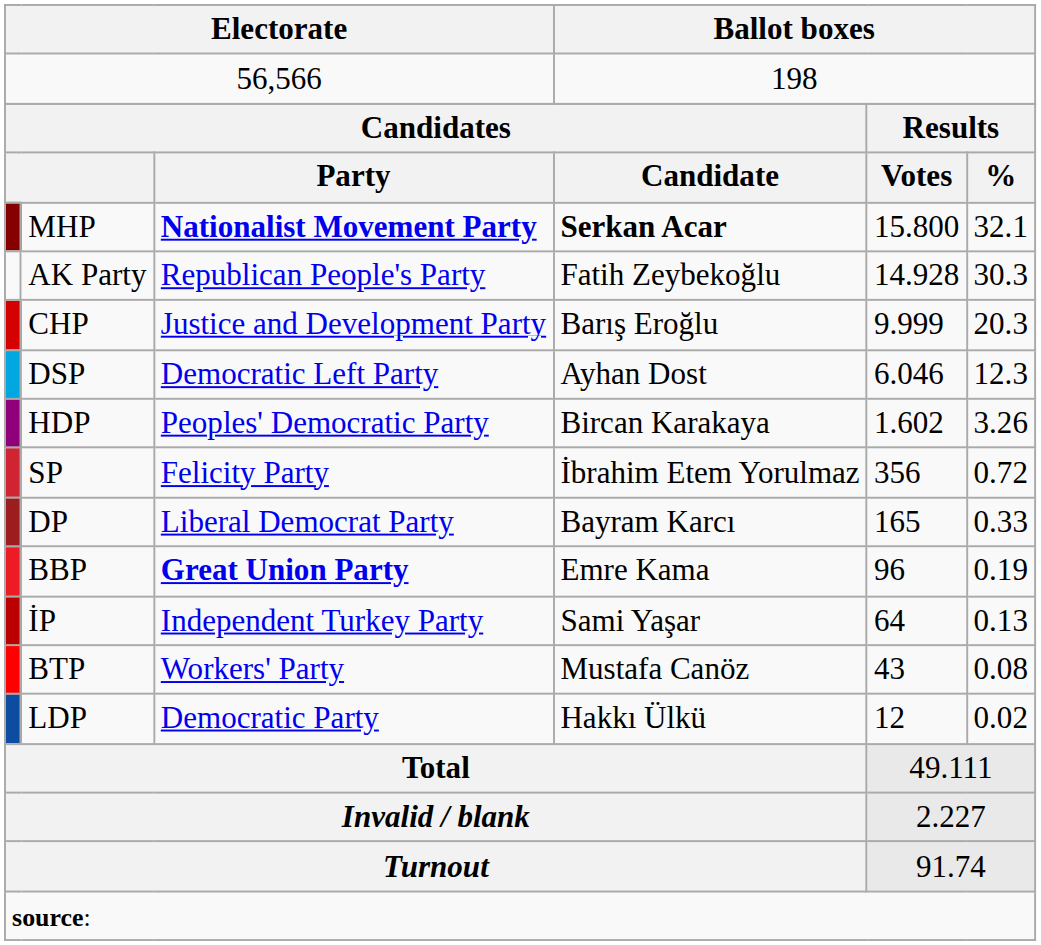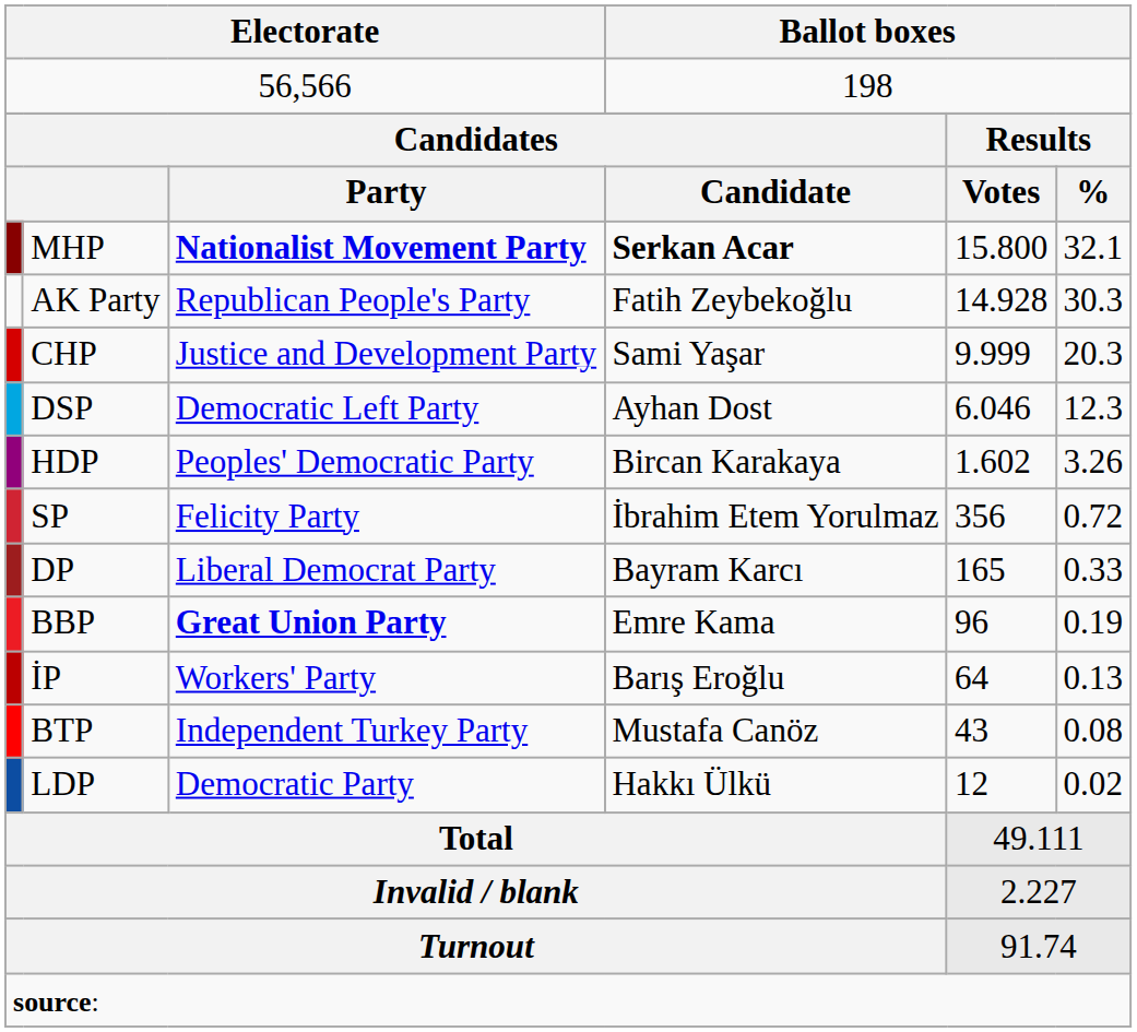 <table class="wikitable">
 <tr style="background-color:#F2F2F2">
 <td align="center" colspan="3"><strong>Electorate</strong></td>
 <td align="center" colspan="7"><strong>Ballot boxes</strong></td>
 </tr>
 <tr align="left">
 <td align="center" colspan="3">56,566</td>
 <td align="center" colspan="7">198</td>
 </tr>
 <tr>
 </tr>
 <tr style="background-color:#E9E9E9">
 </tr>
 <tr>
 <th align="center" colspan="4">Candidates</th>
 <th align="center" colspan="6">Results</th>
 </tr>
 <tr style="background-color:#E9E9E9">
 <th align="center" colspan="2"></th>
 <th align="center">Party</th>
 <th align="center">Candidate</th>
 <th align="center">Votes</th>
 <th align="center">%</th>
 </tr>
 <tr align="left">
 <td bgcolor="#870000" width=1></td>
 <td>MHP</td>
 <td><strong><a href='#'>Nationalist Movement Party</a></strong></td>
 <td><strong>Serkan Acar</strong></td>
 <td>15.800</td>
 <td>32.1</td>
 </tr>
 <tr align="left">
 <td></td>
 <td>AK Party</td>
 <td><a href='#'>Republican People's Party</a></td>
 <td>Fatih Zeybekoğlu</td>
 <td>14.928</td>
 <td>30.3</td>
 </tr>
 <tr align="left">
 <td bgcolor="#d50000" width=1></td>
 <td>CHP</td>
 <td><a href='#'>Justice and Development Party</a></td>
-<td>Barış Eroğlu</td>
+<td>Sami Yaşar</td>
 <td>9.999</td>
 <td>20.3</td>
 </tr>
 <tr align="left">
 <td bgcolor="#01A7E1" width=1></td>
 <td>DSP</td>
 <td><a href='#'>Democratic Left Party</a></td>
 <td>Ayhan Dost</td>
 <td>6.046</td>
 <td>12.3</td>
 </tr>
 <tr align="left">
 <td bgcolor="#91007B" width=1></td>
 <td>HDP</td>
 <td><a href='#'>Peoples' Democratic Party</a></td>
 <td>Bircan Karakaya</td>
 <td>1.602</td>
 <td>3.26</td>
 </tr>
 <tr align="left">
 <td bgcolor="#D02433" width=1></td>
 <td>SP</td>
 <td><a href='#'>Felicity Party</a></td>
 <td>İbrahim Etem Yorulmaz</td>
 <td>356</td>
 <td>0.72</td>
 </tr>
 <tr align="left">
 <td bgcolor="#9D1D1E" width=1></td>
 <td>DP</td>
 <td><a href='#'>Liberal Democrat Party</a></td>
 <td>Bayram Karcı</td>
 <td>165</td>
 <td>0.33</td>
 </tr>
 <tr align="left">
 <td bgcolor="#ED1C24" width=1></td>
 <td>BBP</td>
 <td><strong><a href='#'>Great Union Party</a></strong></td>
 <td>Emre Kama</td>
 <td>96</td>
 <td>0.19</td>
 </tr>
 <tr align="left">
 <td bgcolor="#BB0000" width=1></td>
 <td>İP</td>
-<td><a href='#'>Independent Turkey Party</a></td>
-<td>Sami Yaşar</td>
+<td><a href='#'>Workers' Party</a></td>
+<td>Barış Eroğlu</td>
 <td>64</td>
 <td>0.13</td>
 </tr>
 <tr align="left">
 <td bgcolor="#FE0000" width=1></td>
 <td>BTP</td>
-<td><a href='#'>Workers' Party</a></td>
+<td><a href='#'>Independent Turkey Party</a></td>
 <td>Mustafa Canöz</td>
 <td>43</td>
 <td>0.08</td>
 </tr>
 <tr align="left">
 <td bgcolor="#0C4DA2" width=1></td>
 <td>LDP</td>
 <td><a href='#'>Democratic Party</a></td>
 <td>Hakkı Ülkü</td>
 <td>12</td>
 <td>0.02</td>
 </tr>
 <tr style="background-color:#E9E9E9" align="left">
 <th align="center" colspan="4"><strong>Total</strong></th>
 <td align="center" colspan="5">49.111</td>
 </tr>
 <tr style="background-color:#E9E9E9" align="left">
 <th align="center" colspan="4"><em>Invalid / blank</em></th>
 <td align="center" colspan="5">2.227</td>
 </tr>
 <tr style="background-color:#E9E9E9" align="left">
 <th align="center" colspan="4"><em>Turnout</em></th>
 <td align="center" colspan="5">91.74</td>
 </tr>
 <tr>
 <td align="left" colspan=10><small><strong>source</strong>: </small></td>
 </tr>
 </table>
